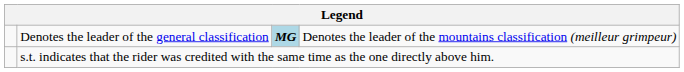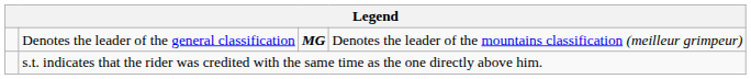 <table class="wikitable">
 <tr>
 <th scope="col" colspan="4">Legend</th>
 </tr>
 <tr>
 <td></td>
 <td>Denotes the leader of the <a href='#'>general classification</a></td>
-<td style="background: lightblue;"><strong><em>MG</em></strong></td>
+<td><strong><em>MG</em></strong></td>
 <td>Denotes the leader of the <a href='#'>mountains classification</a> <em>(meilleur grimpeur)</em></td>
 </tr>
 <tr>
 <td>  </td>
 <td colspan=3>s.t. indicates that the rider was credited with the same time as the one directly above him.</td>
 </tr>
 </table>
